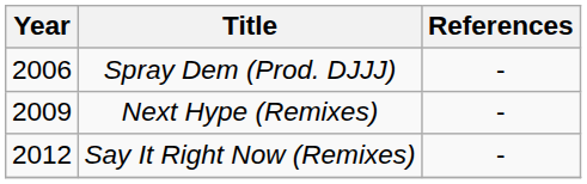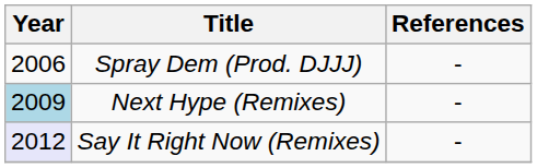 <table class="wikitable plainrowheaders" style="text-align:center;">
 <tr>
 <th>Year</th>
 <th>Title</th>
 <th>References</th>
 </tr>
 <tr>
 <td>2006</td>
 <td><em>Spray Dem (Prod. DJJJ)</em></td>
 <td>-</td>
 </tr>
 <tr>
-<td>2009</td>
+<td style="background: lightblue;">2009</td>
 <td><em>Next Hype (Remixes)</em></td>
 <td>-</td>
 </tr>
 <tr>
-<td>2012</td>
+<td style="background: lavender;">2012</td>
 <td><em>Say It Right Now (Remixes)</em></td>
 <td>-</td>
 </tr>
 <tr>
 </tr>
 </table>
